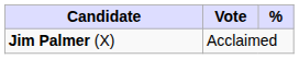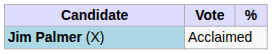 <table class="wikitable">
 <tr>
 <th style="background:#ddf; width:200px;">Candidate</th>
 <th style="background:#ddf; width:50px;">Vote</th>
 <th style="background:#ddf; width:30px;">%</th>
 </tr>
 <tr>
-<td><strong>Jim Palmer</strong> (X)</td>
+<td style="background: lightblue;"><strong>Jim Palmer</strong> (X)</td>
 <td colspan="2">Acclaimed</td>
 </tr>
 </table>
